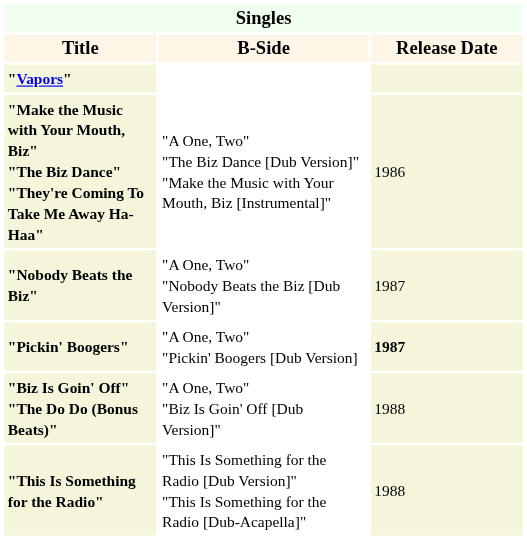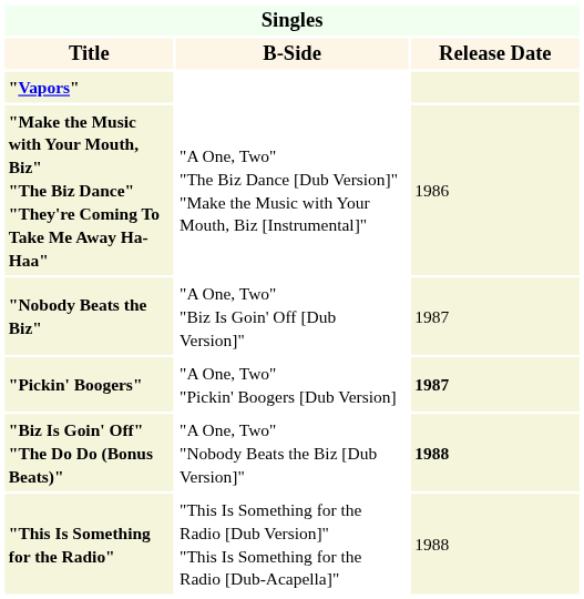 <table cellpadding="3" align="all">
 <tr>
 <td align="center" bgcolor="honeydew" colspan="5"><strong>Singles</strong></td>
 </tr>
 <tr>
 <th align="center" width="125" bgcolor="oldlace"><strong>Title</strong></th>
 <th align="center" width="175" bgcolor="oldlace"><strong>B-Side</strong></th>
 <th align="center" width="125" bgcolor="oldlace"><strong>Release Date</strong></th>
 </tr>
 <tr>
 <td bgcolor="beige"><small><strong>"<a href='#'>Vapors</a>"</strong></small></td>
 <td></td>
 <td bgcolor="beige"></td>
 </tr>
 <tr>
 <td bgcolor="beige"><small><strong>"Make the Music with Your Mouth, Biz"<br>"The Biz Dance"<br>"They're  Coming To Take Me Away Ha-Haa"</strong></small></td>
 <td><small>"A One, Two"<br>"The Biz Dance [Dub Version]"<br>"Make the Music with Your Mouth, Biz [Instrumental]"</small></td>
 <td bgcolor="beige"><small>1986</small></td>
 </tr>
 <tr>
 <td bgcolor="beige"><small><strong>"Nobody Beats the Biz"</strong></small></td>
-<td><small>"A One, Two"<br>"Nobody Beats the Biz [Dub Version]"</small></td>
+<td><small>"A One, Two"<br>"Biz Is Goin' Off [Dub Version]"</small></td>
 <td bgcolor="beige"><small>1987</small></td>
 </tr>
 <tr>
 <td bgcolor="beige"><small><strong>"Pickin' Boogers"</strong></small></td>
 <td><small>"A One, Two"<br>"Pickin' Boogers [Dub Version]</small></td>
 <td bgcolor="beige"><strong><small>1987</small></strong></td>
 </tr>
 <tr>
 <td bgcolor="beige"><small><strong>"Biz Is Goin' Off"<br>"The Do Do (Bonus Beats)"</strong></small></td>
-<td><small>"A One, Two"<br>"Biz Is Goin' Off [Dub Version]"</small></td>
-<td bgcolor="beige"><small>1988</small></td>
+<td><small>"A One, Two"<br>"Nobody Beats the Biz [Dub Version]"</small></td>
+<td bgcolor="beige"><strong><small>1988</small></strong></td>
 </tr>
 <tr>
 <td bgcolor="beige"><small><strong>"This Is Something for the Radio"</strong></small></td>
 <td><small>"This Is Something for the Radio [Dub Version]"<br>"This Is Something for the Radio [Dub-Acapella]"</small></td>
 <td bgcolor="beige"><small>1988</small></td>
 </tr>
 <tr>
 </tr>
 </table>
